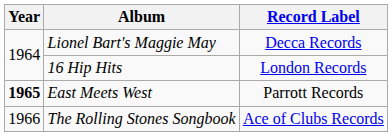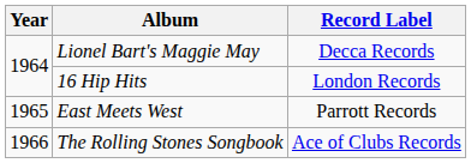 <table class="wikitable" style=text-align:center;>
 <tr>
 <th>Year</th>
 <th>Album</th>
 <th><a href='#'>Record Label</a></th>
 </tr>
 <tr>
 <td rowspan="2">1964</td>
 <td align=left><em>Lionel Bart's Maggie May</em></td>
 <td rowspan="1"><a href='#'>Decca Records</a></td>
 </tr>
 <tr>
 <td align=left><em>16 Hip Hits</em></td>
 <td rowspan="1"><a href='#'>London Records</a></td>
 </tr>
 <tr>
-<td rowspan="1"><strong>1965</strong></td>
+<td rowspan="1">1965</td>
 <td align=left><em>East Meets West</em></td>
 <td rowspan="1">Parrott Records</td>
 </tr>
 <tr>
 <td rowspan="1">1966</td>
 <td align=left><em>The Rolling Stones Songbook</em></td>
 <td rowspan="1"><a href='#'>Ace of Clubs Records</a></td>
 </tr>
 <tr>
 </tr>
 </table>
